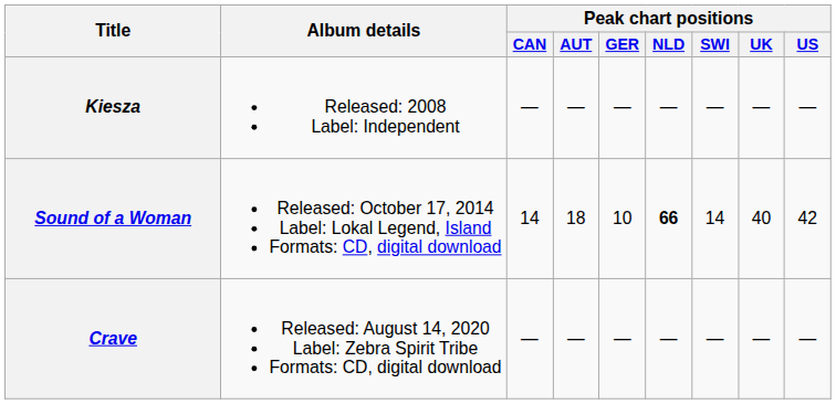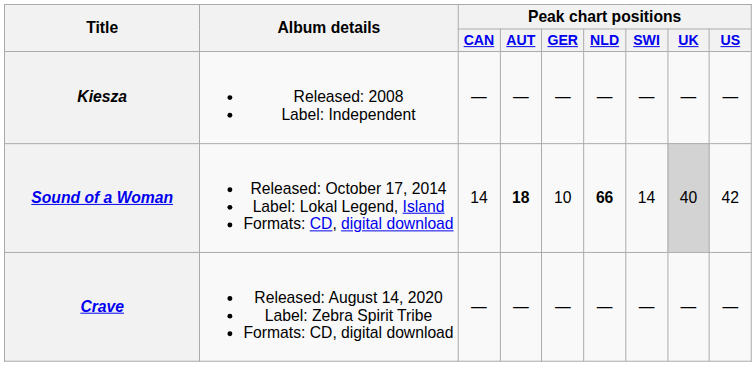 <table class="wikitable plainrowheaders" style="text-align:center;">
 <tr>
 <th scope="col" rowspan="2" style="width:12em;">Title</th>
 <th scope="col" rowspan="2" style="width:16em;">Album details</th>
 <th scope="col" colspan="7">Peak chart positions</th>
 </tr>
 <tr>
 <th scope="col" style="width:2.5em;font-size:90%;"><a href='#'>CAN</a><br></th>
 <th scope="col" style="width:2.5em;font-size:90%;"><a href='#'>AUT</a><br></th>
 <th scope="col" style="width:2.5em;font-size:90%;"><a href='#'>GER</a><br></th>
 <th scope="col" style="width:2.5em;font-size:90%;"><a href='#'>NLD</a><br></th>
 <th scope="col" style="width:2.5em;font-size:90%;"><a href='#'>SWI</a><br></th>
 <th scope="col" style="width:2.5em;font-size:90%;"><a href='#'>UK</a><br></th>
 <th scope="col" style="width:2.5em;font-size:90%;"><a href='#'>US</a><br></th>
 </tr>
 <tr>
 <th scope="row"><em>Kiesza</em></th>
 <td><br><ul><li>Released: 2008</li><li>Label: Independent</li></ul></td>
 <td>—</td>
 <td>—</td>
 <td>—</td>
 <td>—</td>
 <td>—</td>
 <td>—</td>
 <td>—</td>
 </tr>
 <tr>
 <th scope="row"><em><a href='#'>Sound of a Woman</a></em></th>
 <td><br><ul><li>Released: October 17, 2014</li><li>Label: Lokal Legend, <a href='#'>Island</a></li><li>Formats: <a href='#'>CD</a>, <a href='#'>digital download</a></li></ul></td>
 <td>14</td>
-<td>18</td>
+<td><strong>18</strong></td>
 <td>10</td>
 <td><strong>66</strong></td>
 <td>14</td>
-<td>40</td>
+<td style="background: lightgrey;">40</td>
 <td>42</td>
 </tr>
 <tr>
 <th scope="row"><em><a href='#'>Crave</a></em></th>
 <td><br><ul><li>Released: August 14, 2020</li><li>Label: Zebra Spirit Tribe</li><li>Formats: CD, digital download</li></ul></td>
 <td>—</td>
 <td>—</td>
 <td>—</td>
 <td>—</td>
 <td>—</td>
 <td>—</td>
 <td>—</td>
 </tr>
 </table>
